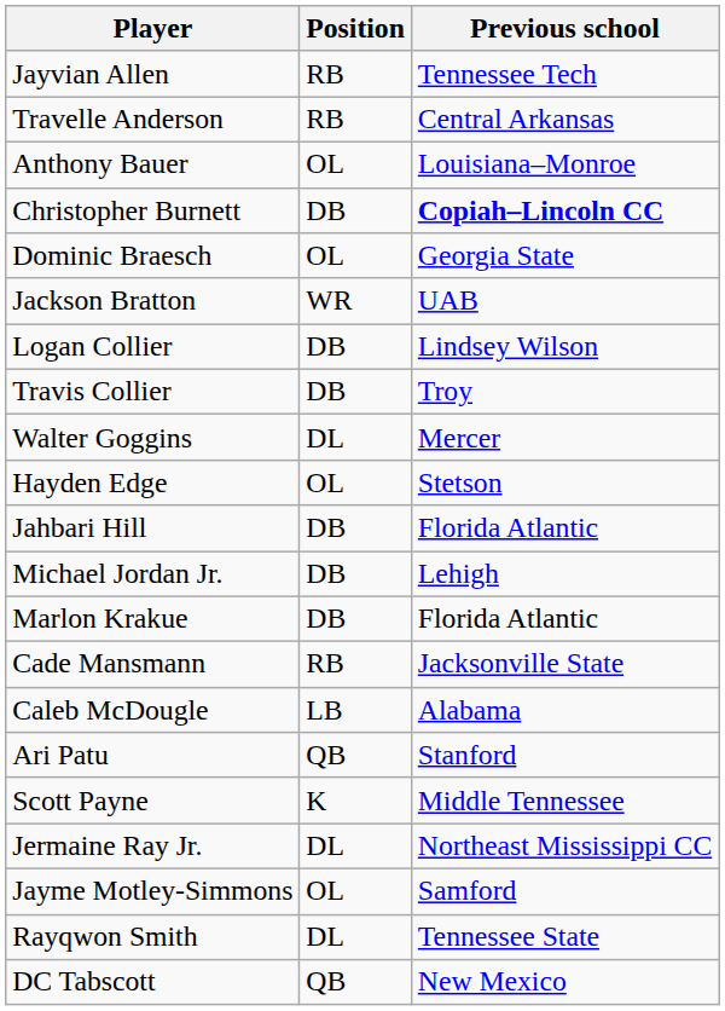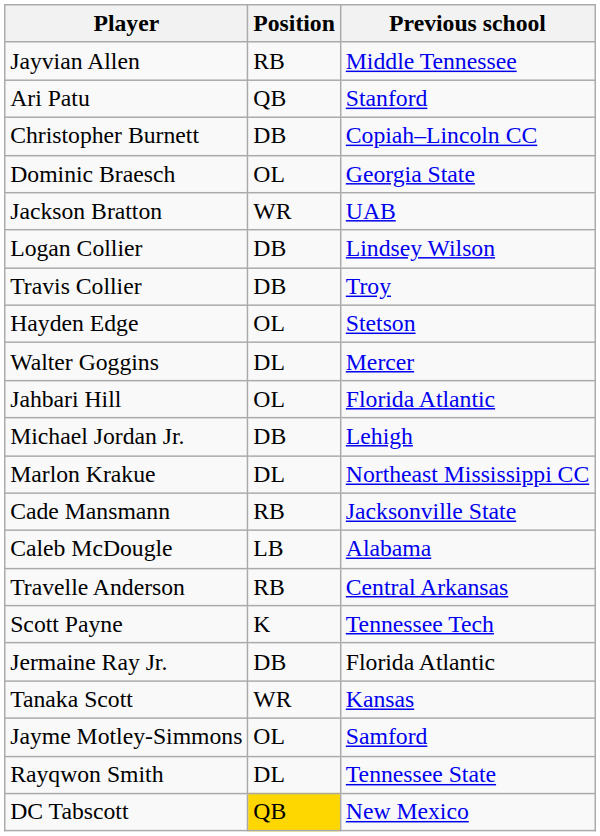 <table class="wikitable sortable">
 <tr>
 <th style="text-align:center;">Player</th>
 <th style="text-align:center;">Position</th>
 <th style="text-align:center;">Previous school</th>
 </tr>
 <tr>
 <td>Jayvian Allen</td>
 <td>RB</td>
-<td><a href='#'>Tennessee Tech</a></td>
+<td><a href='#'>Middle Tennessee</a></td>
 </tr>
 <tr>
-<td>Travelle Anderson</td>
-<td>RB</td>
-<td><a href='#'>Central Arkansas</a></td>
-</tr>
-<tr>
-<td>Anthony Bauer</td>
-<td>OL</td>
-<td><a href='#'>Louisiana–Monroe</a></td>
+<td>Ari Patu</td>
+<td>QB</td>
+<td><a href='#'>Stanford</a></td>
 </tr>
 <tr>
 <td>Christopher Burnett</td>
 <td>DB</td>
-<td><strong><a href='#'>Copiah–Lincoln CC</a></strong></td>
+<td><a href='#'>Copiah–Lincoln CC</a></td>
 </tr>
 <tr>
 <td>Dominic Braesch</td>
 <td>OL</td>
 <td><a href='#'>Georgia State</a></td>
 </tr>
 <tr>
 <td>Jackson Bratton</td>
 <td>WR</td>
 <td><a href='#'>UAB</a></td>
 </tr>
 <tr>
 <td>Logan Collier</td>
 <td>DB</td>
 <td><a href='#'>Lindsey Wilson</a></td>
 </tr>
 <tr>
 <td>Travis Collier</td>
 <td>DB</td>
 <td><a href='#'>Troy</a></td>
 </tr>
 <tr>
+<td>Hayden Edge</td>
+<td>OL</td>
+<td><a href='#'>Stetson</a></td>
+</tr>
+<tr>
 <td>Walter Goggins</td>
 <td>DL</td>
 <td><a href='#'>Mercer</a></td>
 </tr>
 <tr>
-<td>Hayden Edge</td>
+<td>Jahbari Hill</td>
 <td>OL</td>
-<td><a href='#'>Stetson</a></td>
-</tr>
-<tr>
-<td>Jahbari Hill</td>
-<td>DB</td>
 <td><a href='#'>Florida Atlantic</a></td>
 </tr>
 <tr>
 <td>Michael Jordan Jr.</td>
 <td>DB</td>
 <td><a href='#'>Lehigh</a></td>
 </tr>
 <tr>
 <td>Marlon Krakue</td>
-<td>DB</td>
-<td>Florida Atlantic</td>
+<td>DL</td>
+<td><a href='#'>Northeast Mississippi CC</a></td>
 </tr>
 <tr>
 <td>Cade Mansmann</td>
 <td>RB</td>
 <td><a href='#'>Jacksonville State</a></td>
 </tr>
 <tr>
 <td>Caleb McDougle</td>
 <td>LB</td>
 <td><a href='#'>Alabama</a></td>
 </tr>
 <tr>
-<td>Ari Patu</td>
-<td>QB</td>
-<td><a href='#'>Stanford</a></td>
+<td>Travelle Anderson</td>
+<td>RB</td>
+<td><a href='#'>Central Arkansas</a></td>
 </tr>
 <tr>
 <td>Scott Payne</td>
 <td>K</td>
-<td><a href='#'>Middle Tennessee</a></td>
+<td><a href='#'>Tennessee Tech</a></td>
 </tr>
 <tr>
 <td>Jermaine Ray Jr.</td>
-<td>DL</td>
-<td><a href='#'>Northeast Mississippi CC</a></td>
+<td>DB</td>
+<td>Florida Atlantic</td>
+</tr>
+<tr>
+<td>Tanaka Scott</td>
+<td>WR</td>
+<td><a href='#'>Kansas</a></td>
 </tr>
 <tr>
 <td>Jayme Motley-Simmons</td>
 <td>OL</td>
 <td><a href='#'>Samford</a></td>
 </tr>
 <tr>
 <td>Rayqwon Smith</td>
 <td>DL</td>
 <td><a href='#'>Tennessee State</a></td>
 </tr>
 <tr>
 <td>DC Tabscott</td>
-<td>QB</td>
+<td style="background: gold;">QB</td>
 <td><a href='#'>New Mexico</a></td>
 </tr>
 </table>
